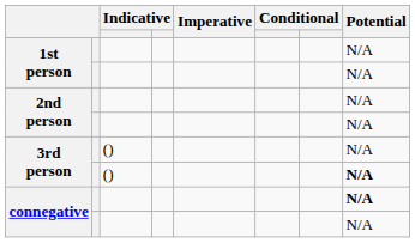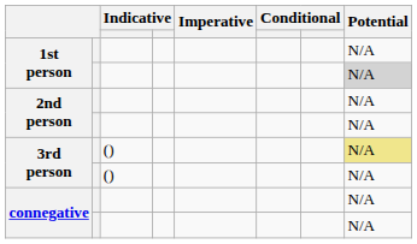 <table class="wikitable">
 <tr>
 <th rowspan="2" colspan="2"></th>
 <th colspan="2">Indicative</th>
 <th rowspan="2">Imperative</th>
 <th colspan="2">Conditional</th>
 <th rowspan="2">Potential</th>
 </tr>
 <tr>
 <th></th>
 <th></th>
 <th></th>
 <th></th>
 </tr>
 <tr>
 <th rowspan="2">1st<br>person</th>
 <th></th>
 <td></td>
 <td></td>
 <td></td>
 <td></td>
 <td></td>
 <td>N/A</td>
 </tr>
 <tr>
 <th></th>
 <td></td>
 <td></td>
 <td></td>
 <td></td>
 <td></td>
-<td>N/A</td>
+<td style="background: lightgrey;">N/A</td>
 </tr>
 <tr>
 <th rowspan="2">2nd<br>person</th>
 <th></th>
 <td></td>
 <td></td>
 <td></td>
 <td></td>
 <td></td>
 <td>N/A</td>
 </tr>
 <tr>
 <th></th>
 <td></td>
 <td></td>
 <td></td>
 <td></td>
 <td></td>
 <td>N/A</td>
 </tr>
 <tr>
 <th rowspan="2">3rd<br>person</th>
 <th></th>
 <td> ()</td>
 <td></td>
 <td></td>
 <td></td>
 <td></td>
-<td>N/A</td>
+<td style="background: khaki;">N/A</td>
 </tr>
 <tr>
 <th></th>
 <td> ()</td>
 <td></td>
 <td></td>
 <td></td>
 <td></td>
-<td><strong>N/A</strong></td>
+<td>N/A</td>
 </tr>
 <tr>
 <th rowspan="2"><a href='#'>connegative</a></th>
 <th></th>
 <td></td>
 <td></td>
 <td></td>
 <td></td>
 <td></td>
-<td><strong>N/A</strong></td>
+<td>N/A</td>
 </tr>
 <tr>
 <th></th>
 <td></td>
 <td></td>
 <td></td>
 <td></td>
 <td></td>
 <td>N/A</td>
 </tr>
 </table>
